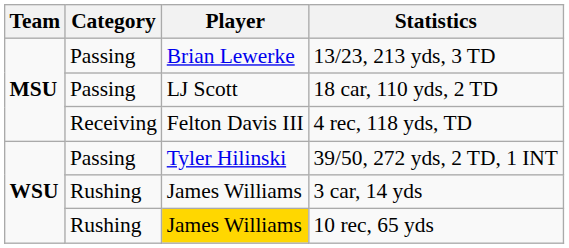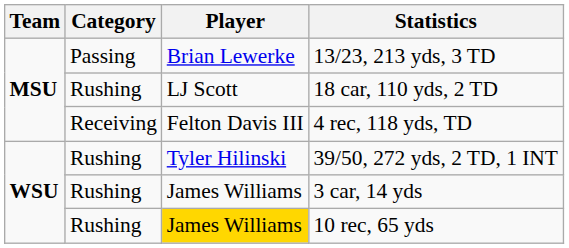 <table class="wikitable">
 <tr>
 <th>Team</th>
 <th>Category</th>
 <th>Player</th>
 <th>Statistics</th>
 </tr>
 <tr>
 <td rowspan=3><strong>MSU</strong></td>
 <td>Passing</td>
 <td><a href='#'>Brian Lewerke</a></td>
 <td>13/23, 213 yds, 3 TD</td>
 </tr>
 <tr>
-<td>Passing</td>
+<td>Rushing</td>
 <td>LJ Scott</td>
 <td>18 car, 110 yds, 2 TD</td>
 </tr>
 <tr>
 <td>Receiving</td>
 <td>Felton Davis III</td>
 <td>4 rec, 118 yds, TD</td>
 </tr>
 <tr>
 <td rowspan=3><strong>WSU</strong></td>
-<td>Passing</td>
+<td>Rushing</td>
 <td><a href='#'>Tyler Hilinski</a></td>
 <td>39/50, 272 yds, 2 TD, 1 INT</td>
 </tr>
 <tr>
 <td>Rushing</td>
 <td>James Williams</td>
 <td>3 car, 14 yds</td>
 </tr>
 <tr>
 <td>Rushing</td>
 <td style="background: gold;">James Williams</td>
 <td>10 rec, 65 yds</td>
 </tr>
 </table>
